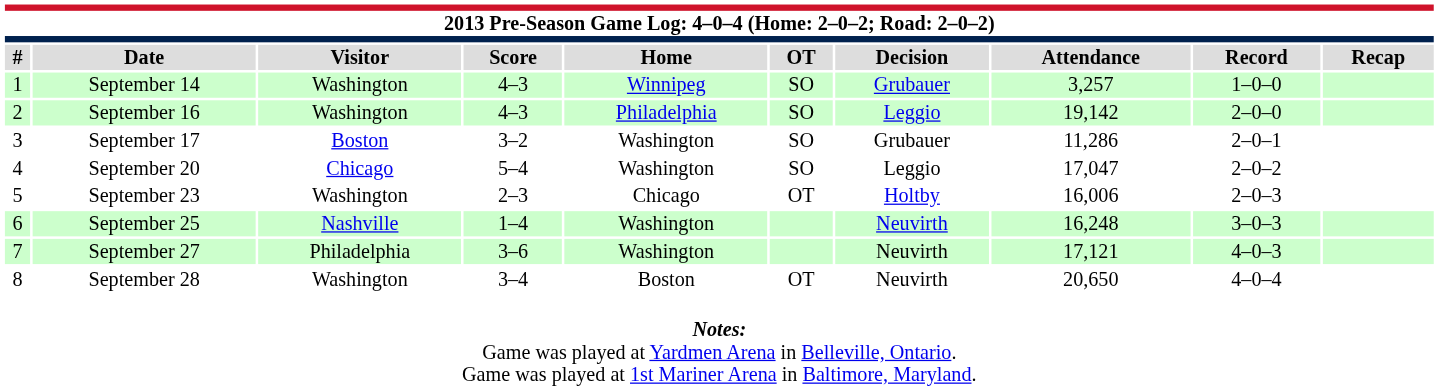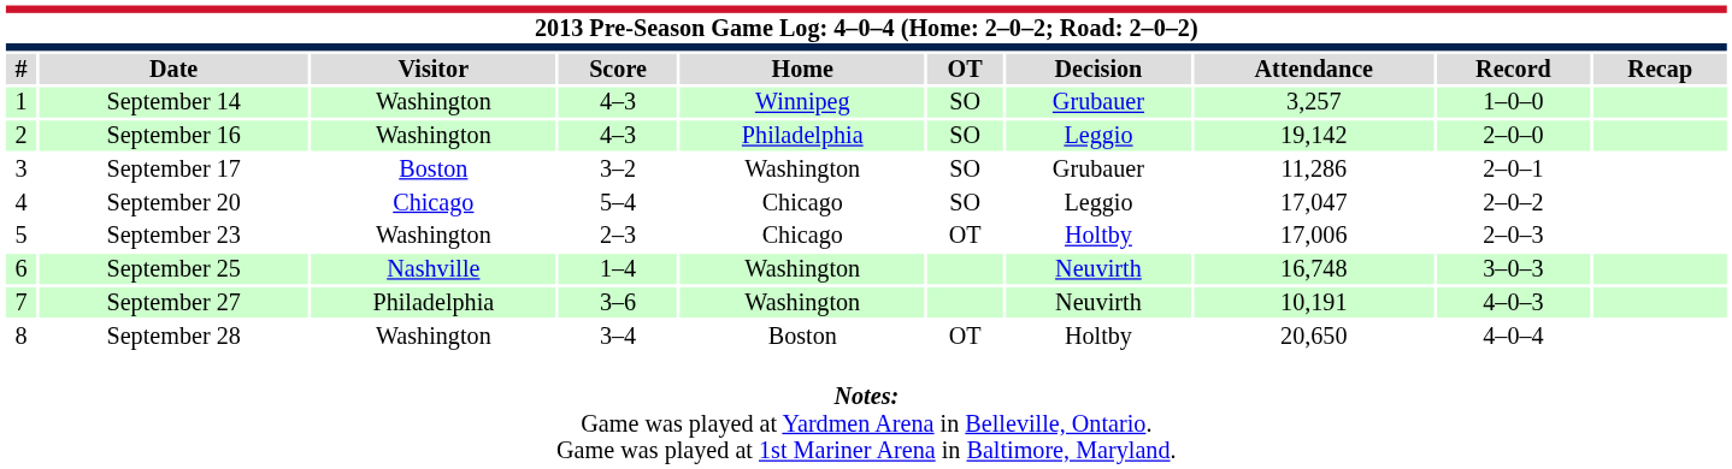 <table class="toccolours collapsible collapsed" style="width:90%; clear:both; margin:1.5em auto; text-align:center;">
 <tr>
 <th colspan=10 style="background:#fff; border-top:#CF132B 5px solid; border-bottom:#00214E 5px solid;">2013 Pre-Season Game Log: 4–0–4 (Home: 2–0–2; Road: 2–0–2)</th>
 </tr>
 <tr style="text-align:center; background:#ddd;">
 <th>#</th>
 <th>Date</th>
 <th>Visitor</th>
 <th>Score</th>
 <th>Home</th>
 <th>OT</th>
 <th>Decision</th>
 <th>Attendance</th>
 <th>Record</th>
 <th>Recap</th>
 </tr>
 <tr style="text-align:center; background:#cfc;">
 <td>1</td>
 <td>September 14</td>
 <td>Washington</td>
 <td>4–3</td>
 <td><a href='#'>Winnipeg</a></td>
 <td>SO</td>
 <td><a href='#'>Grubauer</a></td>
 <td>3,257</td>
 <td>1–0–0</td>
 <td></td>
 </tr>
 <tr style="text-align:center; background:#cfc;">
 <td>2</td>
 <td>September 16</td>
 <td>Washington</td>
 <td>4–3</td>
 <td><a href='#'>Philadelphia</a></td>
 <td>SO</td>
 <td><a href='#'>Leggio</a></td>
 <td>19,142</td>
 <td>2–0–0</td>
 <td></td>
 </tr>
 <tr style="text-align:center; background:#fff;">
 <td>3</td>
 <td>September 17</td>
 <td><a href='#'>Boston</a></td>
 <td>3–2</td>
 <td>Washington</td>
 <td>SO</td>
 <td>Grubauer</td>
 <td>11,286</td>
 <td>2–0–1</td>
 <td></td>
 </tr>
 <tr style="text-align:center; background:#fff;">
 <td>4</td>
 <td>September 20</td>
 <td><a href='#'>Chicago</a></td>
 <td>5–4</td>
-<td>Washington</td>
+<td>Chicago</td>
 <td>SO</td>
 <td>Leggio</td>
 <td>17,047</td>
 <td>2–0–2</td>
 <td></td>
 </tr>
 <tr style="text-align:center; background:#fff;">
 <td>5</td>
 <td>September 23</td>
 <td>Washington</td>
 <td>2–3</td>
 <td>Chicago</td>
 <td>OT</td>
 <td><a href='#'>Holtby</a></td>
-<td>16,006</td>
+<td>17,006</td>
 <td>2–0–3</td>
 <td></td>
 </tr>
 <tr style="text-align:center; background:#cfc;">
 <td>6</td>
 <td>September 25</td>
 <td><a href='#'>Nashville</a></td>
 <td>1–4</td>
 <td>Washington</td>
 <td></td>
 <td><a href='#'>Neuvirth</a></td>
-<td>16,248</td>
+<td>16,748</td>
 <td>3–0–3</td>
 <td></td>
 </tr>
 <tr style="text-align:center; background:#cfc;">
 <td>7</td>
 <td>September 27</td>
 <td>Philadelphia</td>
 <td>3–6</td>
 <td>Washington</td>
 <td></td>
 <td>Neuvirth</td>
-<td>17,121</td>
+<td>10,191</td>
 <td>4–0–3</td>
 <td></td>
 </tr>
 <tr style="text-align:center; background:#fff;">
 <td>8</td>
 <td>September 28</td>
 <td>Washington</td>
 <td>3–4</td>
 <td>Boston</td>
 <td>OT</td>
-<td>Neuvirth</td>
+<td>Holtby</td>
 <td>20,650</td>
 <td>4–0–4</td>
 <td></td>
 </tr>
 <tr>
 <td colspan="10" style="text-align:center;"><br><strong><em>Notes:</em></strong><br> Game was played at <a href='#'>Yardmen Arena</a> in <a href='#'>Belleville, Ontario</a>.<br> Game was played at <a href='#'>1st Mariner Arena</a> in <a href='#'>Baltimore, Maryland</a>.</td>
 </tr>
 </table>
